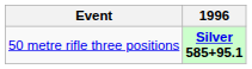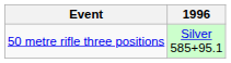 <table class="wikitable" style="text-align: center">
 <tr>
 <th>Event</th>
 <th>1996</th>
 </tr>
 <tr>
 <td align=left><a href='#'>50 metre rifle three positions</a></td>
-<td style="background: #ccffcc"><strong> <a href='#'>Silver</a><br>585+95.1</strong></td>
+<td style="background: #ccffcc"> <a href='#'>Silver</a><br>585+95.1</td>
 </tr>
 </table>
